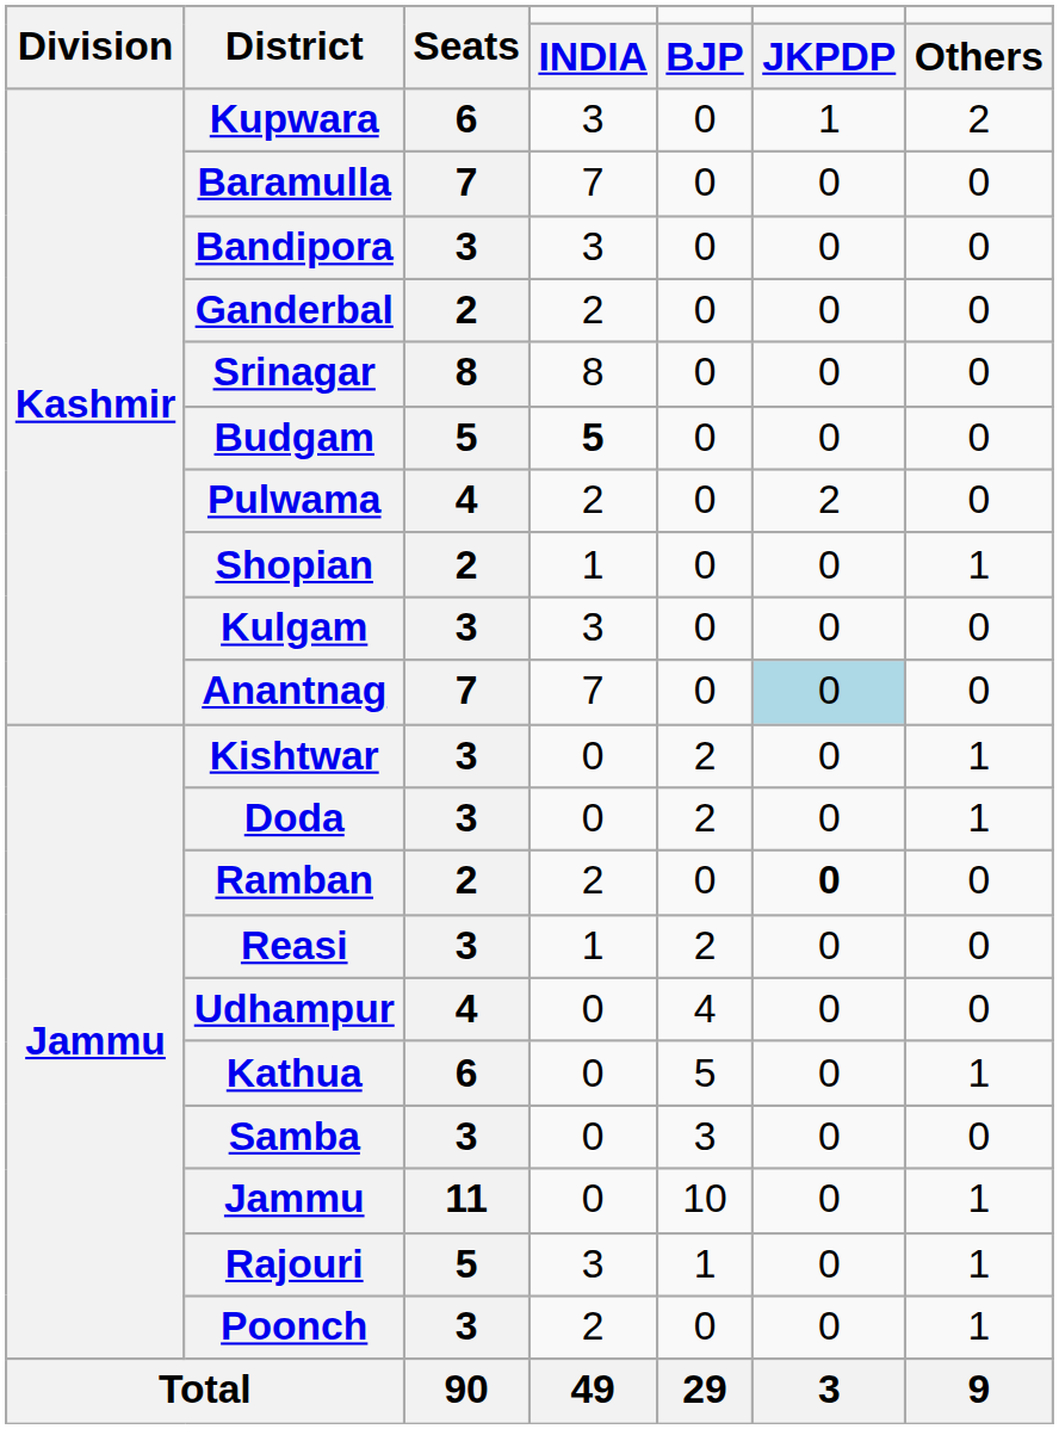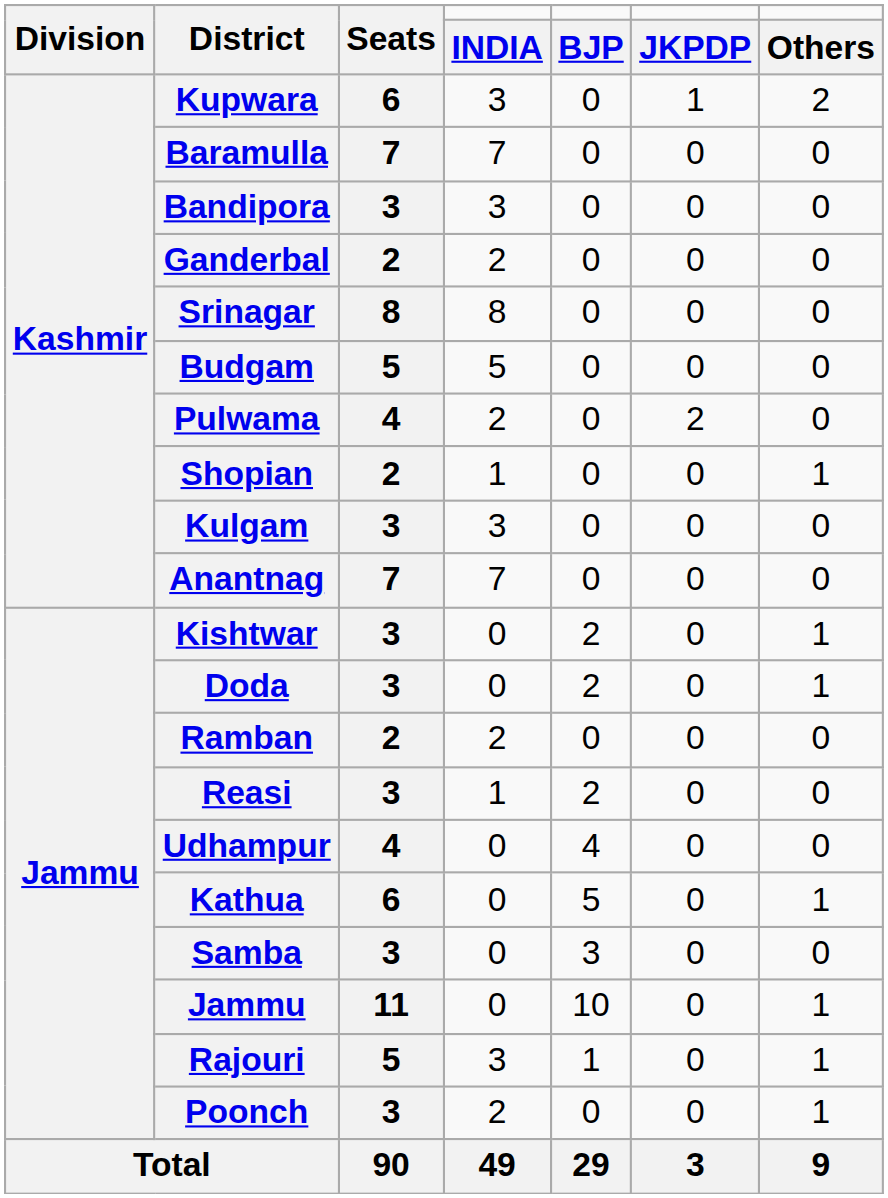 <table class="wikitable" style="text-align:center;">
 <tr>
 <th rowspan="2">Division</th>
 <th rowspan="2">District</th>
 <th rowspan="2">Seats</th>
 <td></td>
 <td></td>
 <td></td>
 <td></td>
 </tr>
 <tr>
 <th><a href='#'>INDIA</a></th>
 <th><a href='#'>BJP</a></th>
 <th><a href='#'>JKPDP</a></th>
 <th>Others</th>
 </tr>
 <tr>
 <th rowspan="10"><a href='#'>Kashmir</a></th>
 <th><a href='#'>Kupwara</a></th>
 <th>6</th>
 <td style="background:">3</td>
 <td>0</td>
 <td>1</td>
 <td>2</td>
 </tr>
 <tr>
 <th><a href='#'>Baramulla</a></th>
 <th>7</th>
 <td style="background:">7</td>
 <td>0</td>
 <td>0</td>
 <td>0</td>
 </tr>
 <tr>
 <th><a href='#'>Bandipora</a></th>
 <th>3</th>
 <td style="background:">3</td>
 <td>0</td>
 <td>0</td>
 <td>0</td>
 </tr>
 <tr>
 <th><a href='#'>Ganderbal</a></th>
 <th>2</th>
 <td style="background:">2</td>
 <td>0</td>
 <td>0</td>
 <td>0</td>
 </tr>
 <tr>
 <th><a href='#'>Srinagar</a></th>
 <th>8</th>
 <td style="background:">8</td>
 <td>0</td>
 <td>0</td>
 <td>0</td>
 </tr>
 <tr>
 <th><a href='#'>Budgam</a></th>
 <th>5</th>
-<td style="background:"><strong>5</strong></td>
+<td style="background:">5</td>
 <td>0</td>
 <td>0</td>
 <td>0</td>
 </tr>
 <tr>
 <th><a href='#'>Pulwama</a></th>
 <th>4</th>
 <td>2</td>
 <td>0</td>
 <td>2</td>
 <td>0</td>
 </tr>
 <tr>
 <th><a href='#'>Shopian</a></th>
 <th>2</th>
 <td>1</td>
 <td>0</td>
 <td>0</td>
 <td>1</td>
 </tr>
 <tr>
 <th><a href='#'>Kulgam</a></th>
 <th>3</th>
 <td style="background:">3</td>
 <td>0</td>
 <td>0</td>
 <td>0</td>
 </tr>
 <tr>
 <th><a href='#'>Anantnag</a></th>
 <th>7</th>
 <td style="background:">7</td>
 <td>0</td>
-<td style="background: lightblue;">0</td>
+<td>0</td>
 <td>0</td>
 </tr>
 <tr>
 <th rowspan="10"><a href='#'>Jammu</a></th>
 <th><a href='#'>Kishtwar</a></th>
 <th>3</th>
 <td>0</td>
 <td style="background:">2</td>
 <td>0</td>
 <td>1</td>
 </tr>
 <tr>
 <th><a href='#'>Doda</a></th>
 <th>3</th>
 <td>0</td>
 <td style="background:">2</td>
 <td>0</td>
 <td>1</td>
 </tr>
 <tr>
 <th><a href='#'>Ramban</a></th>
 <th>2</th>
 <td style="background:">2</td>
 <td>0</td>
-<td><strong>0</strong></td>
+<td>0</td>
 <td>0</td>
 </tr>
 <tr>
 <th><a href='#'>Reasi</a></th>
 <th>3</th>
 <td>1</td>
 <td style="background:">2</td>
 <td>0</td>
 <td>0</td>
 </tr>
 <tr>
 <th><a href='#'>Udhampur</a></th>
 <th>4</th>
 <td>0</td>
 <td style="background:">4</td>
 <td>0</td>
 <td>0</td>
 </tr>
 <tr>
 <th><a href='#'>Kathua</a></th>
 <th>6</th>
 <td>0</td>
 <td style="background:">5</td>
 <td>0</td>
 <td>1</td>
 </tr>
 <tr>
 <th><a href='#'>Samba</a></th>
 <th>3</th>
 <td>0</td>
 <td style="background:">3</td>
 <td>0</td>
 <td>0</td>
 </tr>
 <tr>
 <th><a href='#'>Jammu</a></th>
 <th>11</th>
 <td>0</td>
 <td style="background:">10</td>
 <td>0</td>
 <td>1</td>
 </tr>
 <tr>
 <th><a href='#'>Rajouri</a></th>
 <th>5</th>
 <td style="background:">3</td>
 <td>1</td>
 <td>0</td>
 <td>1</td>
 </tr>
 <tr>
 <th><a href='#'>Poonch</a></th>
 <th>3</th>
 <td style="background:">2</td>
 <td>0</td>
 <td>0</td>
 <td>1</td>
 </tr>
 <tr>
 <th colspan="2">Total</th>
 <th>90</th>
 <th style="background:">49</th>
 <th>29</th>
 <th>3</th>
 <th>9</th>
 </tr>
 </table>
